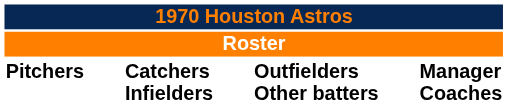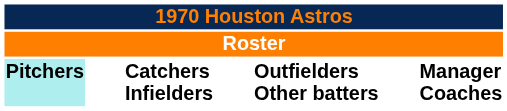 <table class="toccolours" style="text-align: left;">
 <tr>
 <th colspan="10" style="background-color: #072854; color: #FF7F00; text-align: center;">1970 Houston Astros</th>
 </tr>
 <tr>
 <td colspan="10" style="background-color: #FF7F00; color: white; text-align: center;"><strong>Roster</strong></td>
 </tr>
 <tr>
-<td valign="top"><strong>Pitchers</strong><br>                </td>
+<td valign="top" style="background: paleturquoise;"><strong>Pitchers</strong><br>                </td>
 <td width="25px"></td>
 <td valign="top"><strong>Catchers</strong><br>   <strong>Infielders</strong>        </td>
 <td width="25px"></td>
 <td valign="top"><strong>Outfielders</strong><br>         <strong>Other batters</strong> </td>
 <td width="25px"></td>
 <td valign="top"><strong>Manager</strong><br> <strong>Coaches</strong>    </td>
 </tr>
 </table>
